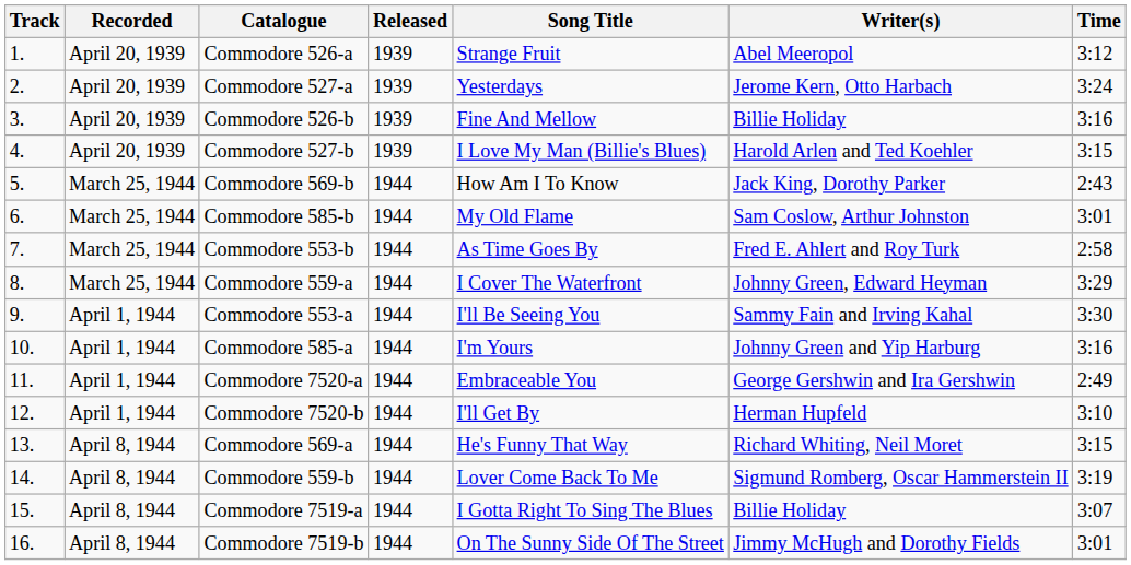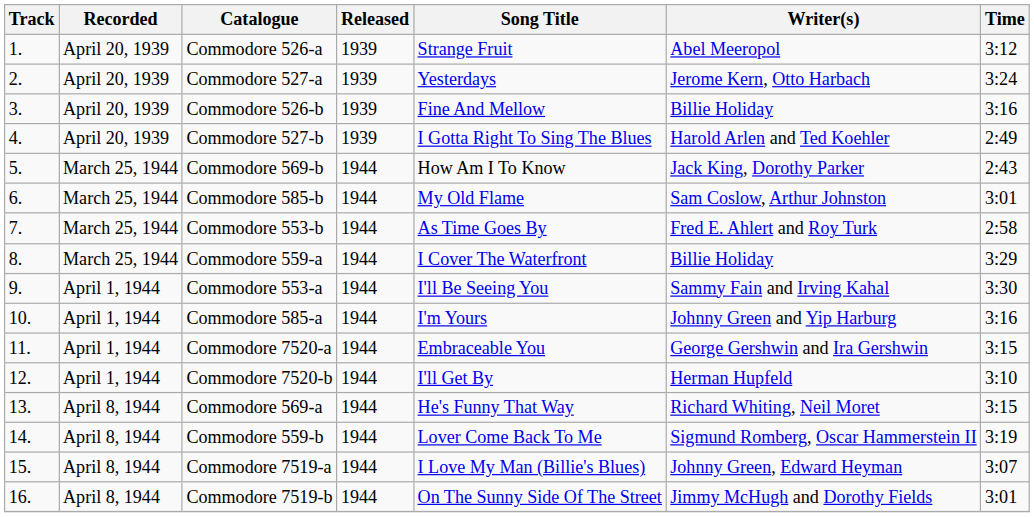 <table class="wikitable" style="font-size:95%;">
 <tr>
 <th>Track</th>
 <th>Recorded</th>
 <th>Catalogue</th>
 <th>Released</th>
 <th>Song Title</th>
 <th>Writer(s)</th>
 <th>Time</th>
 </tr>
 <tr>
 <td>1.</td>
 <td>April 20, 1939</td>
 <td>Commodore 526-a</td>
 <td>1939</td>
 <td><a href='#'>Strange Fruit</a></td>
 <td><a href='#'>Abel Meeropol</a></td>
 <td>3:12</td>
 </tr>
 <tr>
 <td>2.</td>
 <td>April 20, 1939</td>
 <td>Commodore 527-a</td>
 <td>1939</td>
 <td><a href='#'>Yesterdays</a></td>
 <td><a href='#'>Jerome Kern</a>, <a href='#'>Otto Harbach</a></td>
 <td>3:24</td>
 </tr>
 <tr>
 <td>3.</td>
 <td>April 20, 1939</td>
 <td>Commodore 526-b</td>
 <td>1939</td>
 <td><a href='#'>Fine And Mellow</a></td>
 <td><a href='#'>Billie Holiday</a></td>
 <td>3:16</td>
 </tr>
 <tr>
 <td>4.</td>
 <td>April 20, 1939</td>
 <td>Commodore 527-b</td>
 <td>1939</td>
-<td><a href='#'>I Love My Man (Billie's Blues)</a></td>
+<td><a href='#'>I Gotta Right To Sing The Blues</a></td>
 <td><a href='#'>Harold Arlen</a> and <a href='#'>Ted Koehler</a></td>
-<td>3:15</td>
+<td>2:49</td>
 </tr>
 <tr>
 <td>5.</td>
 <td>March 25, 1944</td>
 <td>Commodore 569-b</td>
 <td>1944</td>
 <td>How Am I To Know</td>
 <td><a href='#'>Jack King</a>, <a href='#'>Dorothy Parker</a></td>
 <td>2:43</td>
 </tr>
 <tr>
 <td>6.</td>
 <td>March 25, 1944</td>
 <td>Commodore 585-b</td>
 <td>1944</td>
 <td><a href='#'>My Old Flame</a></td>
 <td><a href='#'>Sam Coslow</a>, <a href='#'>Arthur Johnston</a></td>
 <td>3:01</td>
 </tr>
 <tr>
 <td>7.</td>
 <td>March 25, 1944</td>
 <td>Commodore 553-b</td>
 <td>1944</td>
 <td><a href='#'>As Time Goes By</a></td>
 <td><a href='#'>Fred E. Ahlert</a> and <a href='#'>Roy Turk</a></td>
 <td>2:58</td>
 </tr>
 <tr>
 <td>8.</td>
 <td>March 25, 1944</td>
 <td>Commodore 559-a</td>
 <td>1944</td>
 <td><a href='#'>I Cover The Waterfront</a></td>
-<td><a href='#'>Johnny Green</a>, <a href='#'>Edward Heyman</a></td>
+<td><a href='#'>Billie Holiday</a></td>
 <td>3:29</td>
 </tr>
 <tr>
 <td>9.</td>
 <td>April 1, 1944</td>
 <td>Commodore 553-a</td>
 <td>1944</td>
 <td><a href='#'>I'll Be Seeing You</a></td>
 <td><a href='#'>Sammy Fain</a> and <a href='#'>Irving Kahal</a></td>
 <td>3:30</td>
 </tr>
 <tr>
 <td>10.</td>
 <td>April 1, 1944</td>
 <td>Commodore 585-a</td>
 <td>1944</td>
 <td><a href='#'>I'm Yours</a></td>
 <td><a href='#'>Johnny Green</a> and <a href='#'>Yip Harburg</a></td>
 <td>3:16</td>
 </tr>
 <tr>
 <td>11.</td>
 <td>April 1, 1944</td>
 <td>Commodore 7520-a</td>
 <td>1944</td>
 <td><a href='#'>Embraceable You</a></td>
 <td><a href='#'>George Gershwin</a> and <a href='#'>Ira Gershwin</a></td>
-<td>2:49</td>
+<td>3:15</td>
 </tr>
 <tr>
 <td>12.</td>
 <td>April 1, 1944</td>
 <td>Commodore 7520-b</td>
 <td>1944</td>
 <td><a href='#'>I'll Get By</a></td>
 <td><a href='#'>Herman Hupfeld</a></td>
 <td>3:10</td>
 </tr>
 <tr>
 <td>13.</td>
 <td>April 8, 1944</td>
 <td>Commodore 569-a</td>
 <td>1944</td>
 <td><a href='#'>He's Funny That Way</a></td>
 <td><a href='#'>Richard Whiting</a>, <a href='#'>Neil Moret</a></td>
 <td>3:15</td>
 </tr>
 <tr>
 <td>14.</td>
 <td>April 8, 1944</td>
 <td>Commodore 559-b</td>
 <td>1944</td>
 <td><a href='#'>Lover Come Back To Me</a></td>
 <td><a href='#'>Sigmund Romberg</a>, <a href='#'>Oscar Hammerstein II</a></td>
 <td>3:19</td>
 </tr>
 <tr>
 <td>15.</td>
 <td>April 8, 1944</td>
 <td>Commodore 7519-a</td>
 <td>1944</td>
-<td><a href='#'>I Gotta Right To Sing The Blues</a></td>
-<td><a href='#'>Billie Holiday</a></td>
+<td><a href='#'>I Love My Man (Billie's Blues)</a></td>
+<td><a href='#'>Johnny Green</a>, <a href='#'>Edward Heyman</a></td>
 <td>3:07</td>
 </tr>
 <tr>
 <td>16.</td>
 <td>April 8, 1944</td>
 <td>Commodore 7519-b</td>
 <td>1944</td>
 <td><a href='#'>On The Sunny Side Of The Street</a></td>
 <td><a href='#'>Jimmy McHugh</a> and <a href='#'>Dorothy Fields</a></td>
 <td>3:01</td>
 </tr>
 <tr>
 </tr>
 </table>
